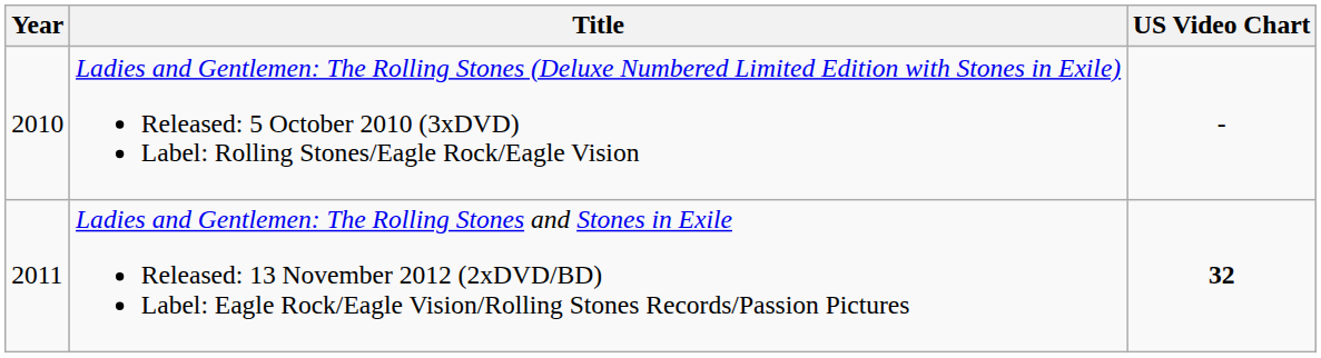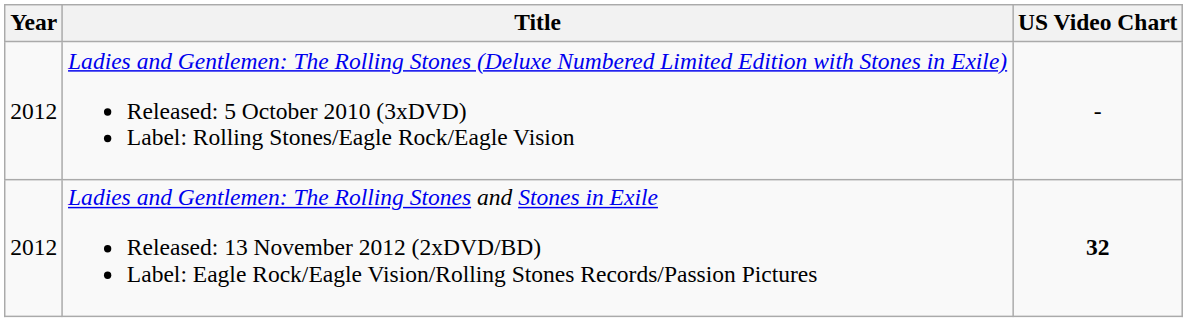 <table class="wikitable">
 <tr>
 <th>Year</th>
 <th>Title</th>
 <th>US Video Chart</th>
 </tr>
 <tr>
-<td>2010</td>
+<td>2012</td>
 <td><em><a href='#'>Ladies and Gentlemen: The Rolling Stones (Deluxe Numbered Limited Edition with Stones in Exile)</a></em><br><ul><li>Released: 5 October 2010 (3xDVD)</li><li>Label: Rolling Stones/Eagle Rock/Eagle Vision</li></ul></td>
 <td style="text-align:center;">-</td>
 </tr>
 <tr>
-<td>2011</td>
+<td>2012</td>
 <td><em><a href='#'>Ladies and Gentlemen: The Rolling Stones</a> and <a href='#'>Stones in Exile</a></em><br><ul><li>Released: 13 November 2012 (2xDVD/BD)</li><li>Label: Eagle Rock/Eagle Vision/Rolling Stones Records/Passion Pictures</li></ul></td>
 <td style="text-align:center;"><strong>32</strong></td>
 </tr>
 </table>
